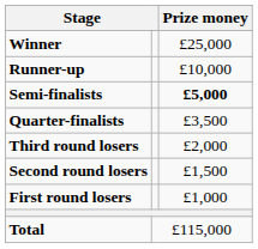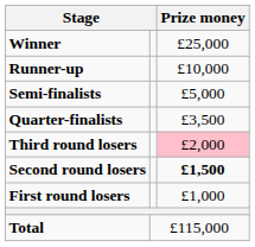 <table class="wikitable">
 <tr>
 <th colspan=2>Stage </th>
 <th>Prize money</th>
 </tr>
 <tr>
 <td><strong>Winner</strong></td>
 <td align=center></td>
 <td align=center>£25,000</td>
 </tr>
 <tr>
 <td><strong>Runner-up</strong></td>
 <td align=center></td>
 <td align=center>£10,000</td>
 </tr>
 <tr>
 <td><strong>Semi-finalists</strong></td>
 <td align=center></td>
-<td align=center><strong>£5,000</strong></td>
+<td align=center>£5,000</td>
 </tr>
 <tr>
 <td><strong>Quarter-finalists</strong></td>
 <td align=center></td>
 <td align=center>£3,500</td>
 </tr>
 <tr>
 <td><strong>Third round losers</strong></td>
 <td align=center></td>
-<td align=center>£2,000</td>
+<td align=center style="background: pink;">£2,000</td>
 </tr>
 <tr>
 <td><strong>Second round losers</strong></td>
 <td align=center></td>
-<td align=center>£1,500</td>
+<td align=center><strong>£1,500</strong></td>
 </tr>
 <tr>
 <td><strong>First round losers</strong></td>
 <td align=center></td>
 <td align=center>£1,000</td>
 </tr>
 <tr>
 <th colspan=3></th>
 </tr>
 <tr>
 <td><strong>Total</strong></td>
 <td align=center colspan=2>£115,000</td>
 </tr>
 </table>
